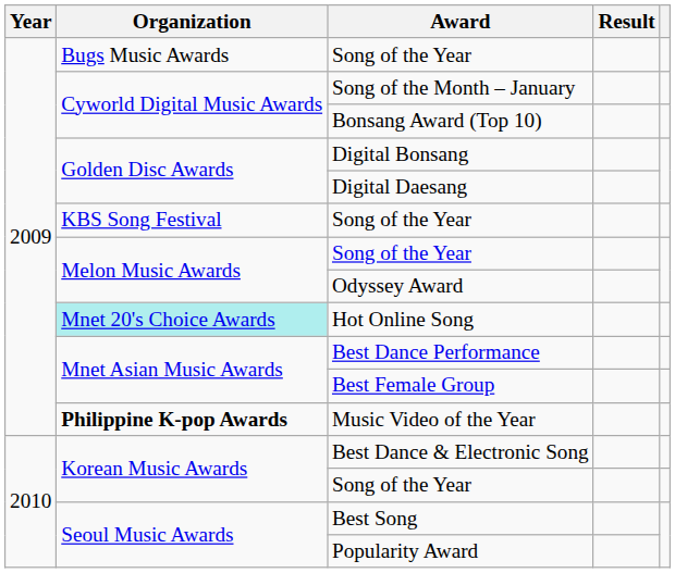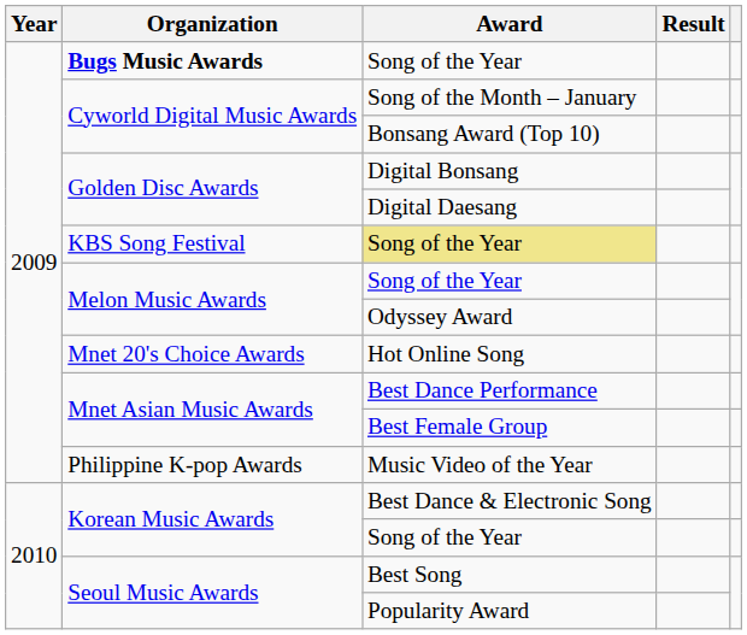 <table class="wikitable plainrowheaders sortable">
 <tr>
 <th scope="col">Year</th>
 <th scope="col">Organization</th>
 <th scope="col">Award</th>
 <th scope="col">Result</th>
 <th class="unsortable"></th>
 </tr>
 <tr>
 <td rowspan="12">2009</td>
-<td><a href='#'>Bugs</a> Music Awards</td>
+<td><strong><a href='#'>Bugs</a> Music Awards</strong></td>
 <td>Song of the Year</td>
 <td></td>
 <td align="center"></td>
 </tr>
 <tr>
 <td rowspan="2"><a href='#'>Cyworld Digital Music Awards</a></td>
 <td>Song of the Month – January</td>
 <td></td>
 <td align="center"></td>
 </tr>
 <tr>
 <td>Bonsang Award (Top 10)</td>
 <td></td>
 <td align="center"></td>
 </tr>
 <tr>
 <td rowspan="2"><a href='#'>Golden Disc Awards</a></td>
 <td>Digital Bonsang</td>
 <td></td>
 <td rowspan="2" align="center"></td>
 </tr>
 <tr>
 <td>Digital Daesang</td>
 <td></td>
 </tr>
 <tr>
 <td><a href='#'>KBS Song Festival</a></td>
-<td>Song of the Year</td>
+<td style="background: khaki;">Song of the Year</td>
 <td></td>
 <td align="center"></td>
 </tr>
 <tr>
 <td rowspan="2"><a href='#'>Melon Music Awards</a></td>
 <td><a href='#'>Song of the Year</a></td>
 <td></td>
 <td rowspan="2" align="center"></td>
 </tr>
 <tr>
 <td>Odyssey Award</td>
 <td></td>
 </tr>
 <tr>
-<td style="background: paleturquoise;"><a href='#'>Mnet 20's Choice Awards</a></td>
+<td><a href='#'>Mnet 20's Choice Awards</a></td>
 <td>Hot Online Song</td>
 <td></td>
 <td></td>
 </tr>
 <tr>
 <td rowspan="2"><a href='#'>Mnet Asian Music Awards</a></td>
 <td><a href='#'>Best Dance Performance</a></td>
 <td></td>
 <td align="center"></td>
 </tr>
 <tr>
 <td><a href='#'>Best Female Group</a></td>
 <td></td>
 <td></td>
 </tr>
 <tr>
-<td><strong>Philippine K-pop Awards</strong></td>
+<td>Philippine K-pop Awards</td>
 <td>Music Video of the Year</td>
 <td></td>
 <td align="center"></td>
 </tr>
 <tr>
 <td rowspan="4">2010</td>
 <td rowspan="2"><a href='#'>Korean Music Awards</a></td>
 <td>Best Dance & Electronic Song</td>
 <td></td>
 <td style="text-align:center"></td>
 </tr>
 <tr>
 <td>Song of the Year</td>
 <td></td>
 <td align="center"></td>
 </tr>
 <tr>
 <td rowspan="2"><a href='#'>Seoul Music Awards</a></td>
 <td>Best Song</td>
 <td></td>
 <td rowspan="2" align="center"></td>
 </tr>
 <tr>
 <td>Popularity Award</td>
 <td></td>
 </tr>
 </table>
